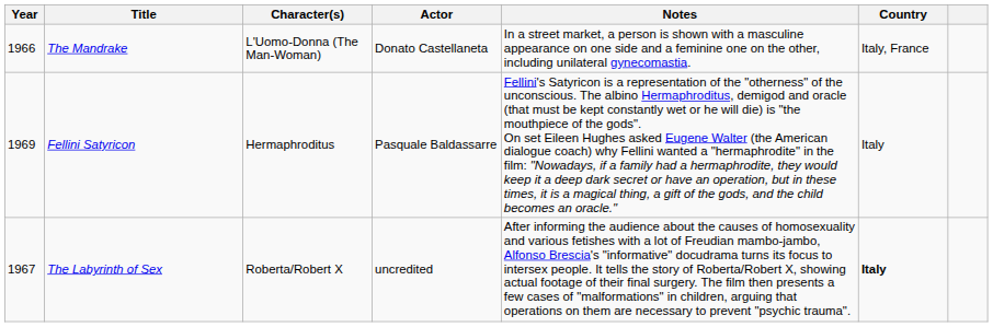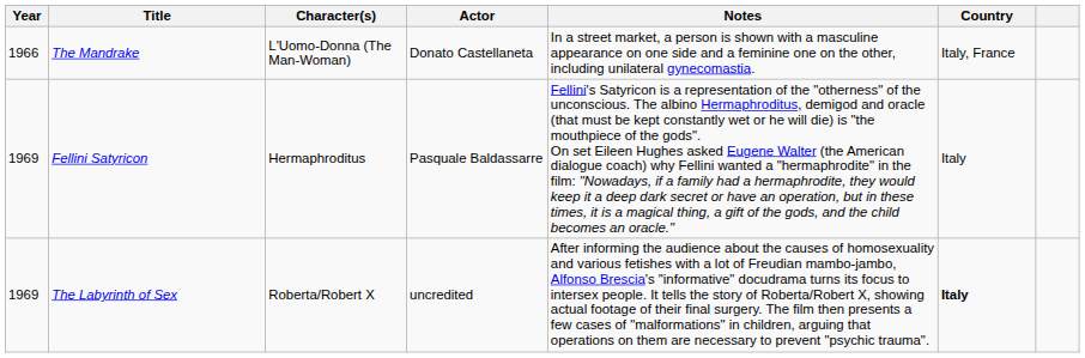 <table class="wikitable sortable" style="width: 100%">
 <tr>
 <th style="width:4%;">Year</th>
 <th style="width:20%;">Title</th>
 <th style="width:13%;">Character(s)</th>
 <th style="width:13%;">Actor</th>
 <th style="width:36%;">Notes</th>
 <th style="width:9%;">Country</th>
 <th style="width:4%;" class="unsortable"></th>
 </tr>
 <tr>
 <td>1966</td>
 <td><em><a href='#'>The Mandrake</a></em></td>
 <td>L'Uomo-Donna (The Man-Woman)</td>
 <td>Donato Castellaneta</td>
 <td>In a street market, a person is shown with a masculine appearance on one side and a feminine one on the other, including unilateral <a href='#'>gynecomastia</a>.</td>
 <td>Italy, France</td>
 <td></td>
 </tr>
 <tr>
 <td>1969</td>
 <td><em><a href='#'>Fellini Satyricon</a></em></td>
 <td>Hermaphroditus</td>
 <td>Pasquale Baldassarre</td>
 <td><a href='#'>Fellini</a>'s Satyricon is a representation of the "otherness" of the unconscious. The albino <a href='#'>Hermaphroditus</a>, demigod and oracle (that must be kept constantly wet or he will die) is "the mouthpiece of the gods".<br>On set Eileen Hughes asked <a href='#'>Eugene Walter</a> (the American dialogue coach) why Fellini wanted a "hermaphrodite" in the film: <em>"Nowadays, if a family had a hermaphrodite, they would keep it a deep dark secret or have an operation, but in these times, it is a magical thing, a gift of the gods, and the child becomes an oracle."</em></td>
 <td>Italy</td>
 <td></td>
 </tr>
 <tr>
-<td>1967</td>
+<td>1969</td>
 <td><em><a href='#'>The Labyrinth of Sex</a></em></td>
 <td>Roberta/Robert X</td>
 <td>uncredited</td>
 <td>After informing the audience about the causes of homosexuality and various fetishes with a lot of Freudian mambo-jambo, <a href='#'>Alfonso Brescia</a>'s "informative" docudrama turns its focus to intersex people. It tells the story of Roberta/Robert X, showing actual footage of their final surgery. The film then presents a few cases of "malformations" in children, arguing that operations on them are necessary to prevent "psychic trauma".</td>
 <td><strong>Italy</strong></td>
 <td></td>
 </tr>
 </table>
